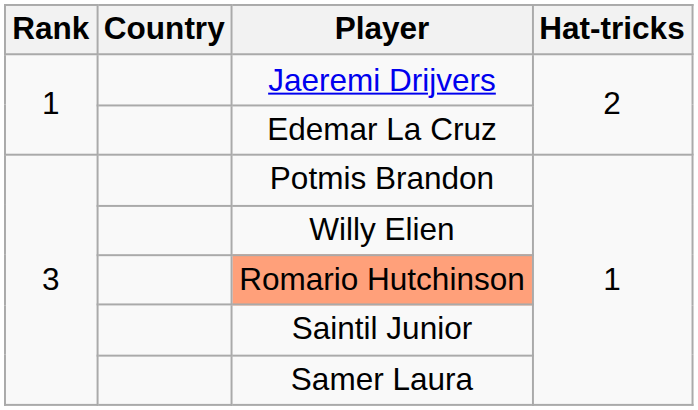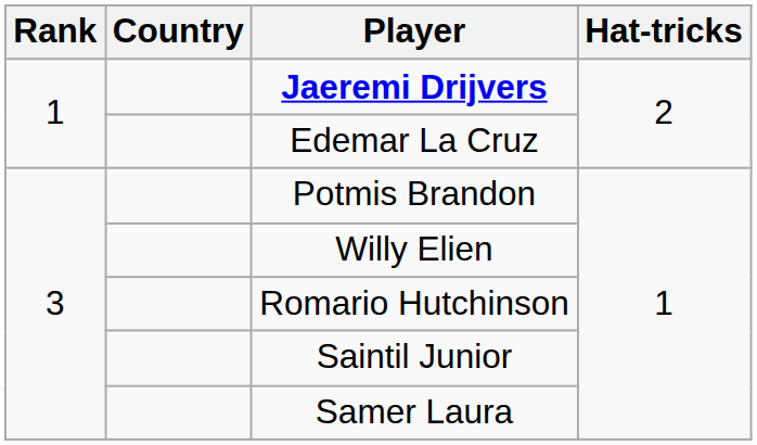 <table class="wikitable" style="text-align:center;">
 <tr>
 <th>Rank</th>
 <th>Country</th>
 <th>Player</th>
 <th>Hat-tricks</th>
 </tr>
 <tr>
 <td rowspan=2>1</td>
 <td></td>
-<td><a href='#'>Jaeremi Drijvers</a></td>
+<td><strong><a href='#'>Jaeremi Drijvers</a></strong></td>
 <td rowspan=2>2</td>
 </tr>
 <tr>
 <td></td>
 <td>Edemar La Cruz</td>
 </tr>
 <tr>
 <td rowspan=10>3</td>
 <td></td>
 <td>Potmis Brandon</td>
 <td rowspan=10>1</td>
 </tr>
 <tr>
 <td></td>
 <td>Willy Elien</td>
 </tr>
 <tr>
 <td></td>
-<td style="background: lightsalmon;">Romario Hutchinson</td>
+<td>Romario Hutchinson</td>
 </tr>
 <tr>
 <td></td>
 <td>Saintil Junior</td>
 </tr>
 <tr>
 <td></td>
 <td>Samer Laura</td>
 </tr>
 </table>
